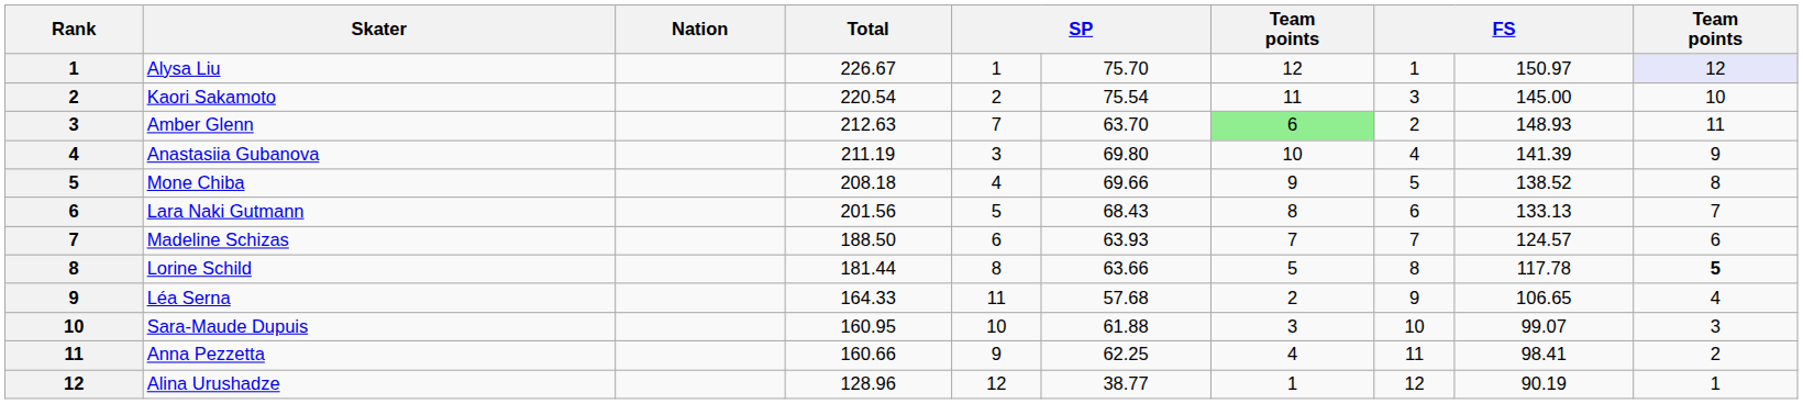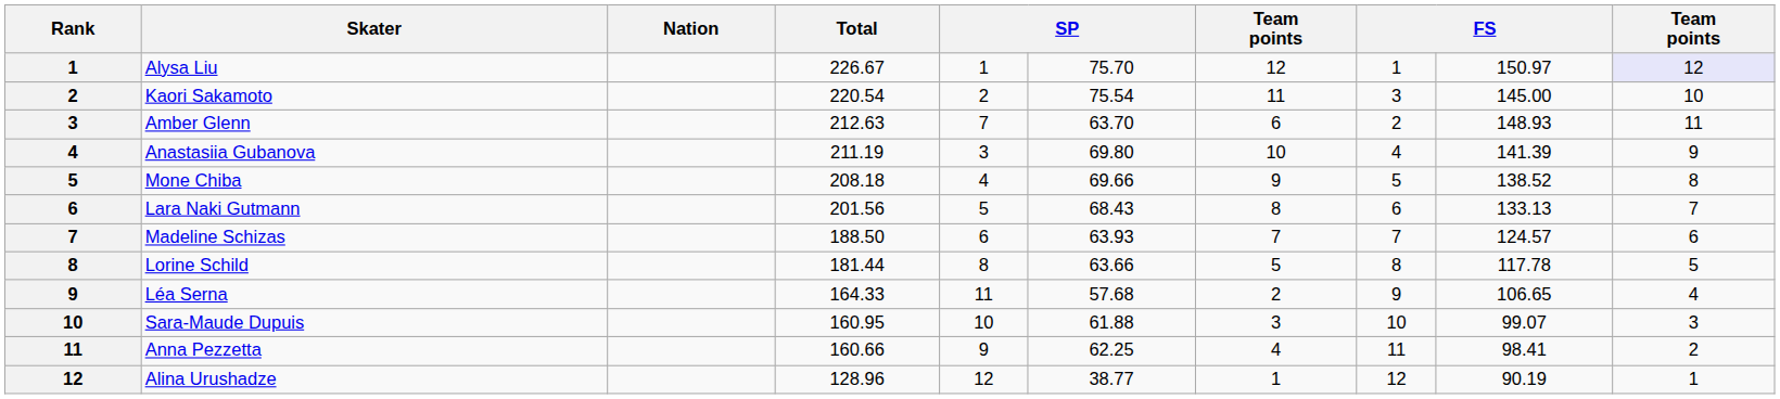 <table class="wikitable sortable" style="text-align:center; width:100%">
 <tr>
 <th scope="col">Rank</th>
 <th scope="col">Skater</th>
 <th scope="col">Nation</th>
 <th scope="col">Total</th>
 <th scope="col" colspan="2" width="80px"><a href='#'>SP</a></th>
 <th scope="col">Team<br>points</th>
 <th scope="col" colspan="2" width="80px"><a href='#'>FS</a></th>
 <th scope="col">Team<br>points</th>
 </tr>
 <tr>
 <th scope="row">1</th>
 <td align="left"><a href='#'>Alysa Liu</a></td>
 <td align="left"></td>
 <td>226.67</td>
 <td>1</td>
 <td>75.70</td>
 <td>12</td>
 <td>1</td>
 <td>150.97</td>
 <td style="background: lavender;">12</td>
 </tr>
 <tr>
 <th scope="row">2</th>
 <td align="left"><a href='#'>Kaori Sakamoto</a></td>
 <td align="left"></td>
 <td>220.54</td>
 <td>2</td>
 <td>75.54</td>
 <td>11</td>
 <td>3</td>
 <td>145.00</td>
 <td>10</td>
 </tr>
 <tr>
 <th scope="row">3</th>
 <td align="left"><a href='#'>Amber Glenn</a></td>
 <td align="left"></td>
 <td>212.63</td>
 <td>7</td>
 <td>63.70</td>
-<td style="background: lightgreen;">6</td>
+<td>6</td>
 <td>2</td>
 <td>148.93</td>
 <td>11</td>
 </tr>
 <tr>
 <th scope="row">4</th>
 <td align="left"><a href='#'>Anastasiia Gubanova</a></td>
 <td align="left"></td>
 <td>211.19</td>
 <td>3</td>
 <td>69.80</td>
 <td>10</td>
 <td>4</td>
 <td>141.39</td>
 <td>9</td>
 </tr>
 <tr>
 <th scope="row">5</th>
 <td align="left"><a href='#'>Mone Chiba</a></td>
 <td align="left"></td>
 <td>208.18</td>
 <td>4</td>
 <td>69.66</td>
 <td>9</td>
 <td>5</td>
 <td>138.52</td>
 <td>8</td>
 </tr>
 <tr>
 <th scope="row">6</th>
 <td align="left"><a href='#'>Lara Naki Gutmann</a></td>
 <td align="left"></td>
 <td>201.56</td>
 <td>5</td>
 <td>68.43</td>
 <td>8</td>
 <td>6</td>
 <td>133.13</td>
 <td>7</td>
 </tr>
 <tr>
 <th scope="row">7</th>
 <td align="left"><a href='#'>Madeline Schizas</a></td>
 <td align="left"></td>
 <td>188.50</td>
 <td>6</td>
 <td>63.93</td>
 <td>7</td>
 <td>7</td>
 <td>124.57</td>
 <td>6</td>
 </tr>
 <tr>
 <th scope="row">8</th>
 <td align="left"><a href='#'>Lorine Schild</a></td>
 <td align="left"></td>
 <td>181.44</td>
 <td>8</td>
 <td>63.66</td>
 <td>5</td>
 <td>8</td>
 <td>117.78</td>
-<td><strong>5</strong></td>
+<td>5</td>
 </tr>
 <tr>
 <th scope="row">9</th>
 <td align="left"><a href='#'>Léa Serna</a></td>
 <td align="left"></td>
 <td>164.33</td>
 <td>11</td>
 <td>57.68</td>
 <td>2</td>
 <td>9</td>
 <td>106.65</td>
 <td>4</td>
 </tr>
 <tr>
 <th scope="row">10</th>
 <td align="left"><a href='#'>Sara-Maude Dupuis</a></td>
 <td align="left"></td>
 <td>160.95</td>
 <td>10</td>
 <td>61.88</td>
 <td>3</td>
 <td>10</td>
 <td>99.07</td>
 <td>3</td>
 </tr>
 <tr>
 <th scope="row">11</th>
 <td align="left"><a href='#'>Anna Pezzetta</a></td>
 <td align="left"></td>
 <td>160.66</td>
 <td>9</td>
 <td>62.25</td>
 <td>4</td>
 <td>11</td>
 <td>98.41</td>
 <td>2</td>
 </tr>
 <tr>
 <th scope="row">12</th>
 <td align="left"><a href='#'>Alina Urushadze</a></td>
 <td align="left"></td>
 <td>128.96</td>
 <td>12</td>
 <td>38.77</td>
 <td>1</td>
 <td>12</td>
 <td>90.19</td>
 <td>1</td>
 </tr>
 </table>
